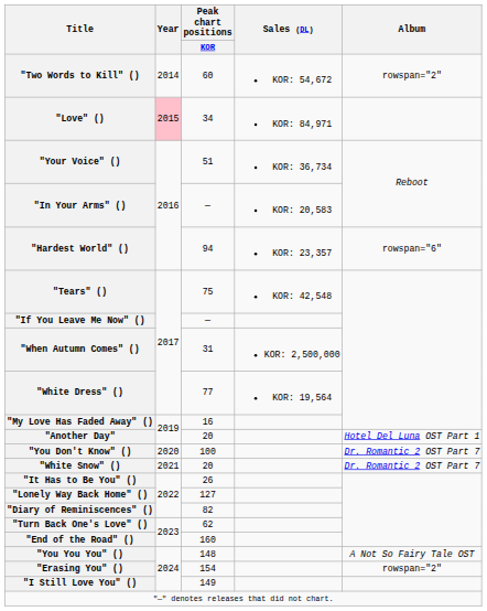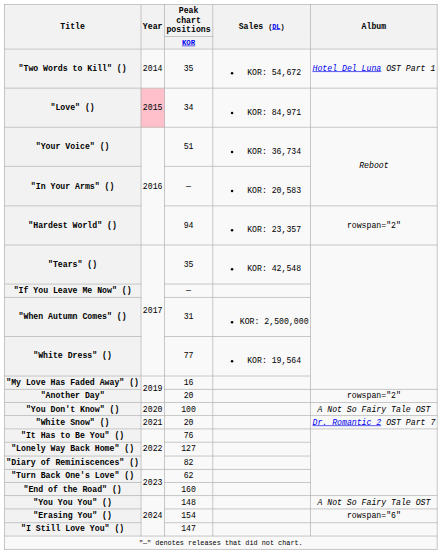 <table class="wikitable plainrowheaders" style="text-align:center;">
 <tr>
 <th scope="col" rowspan="2">Title</th>
 <th scope="col" rowspan="2">Year</th>
 <th scope="col" colspan="1">Peak chart <br> positions</th>
 <th scope="col" rowspan="2">Sales <small>(<a href='#'>DL</a>)</small></th>
 <th scope="col" rowspan="2">Album</th>
 </tr>
 <tr>
 <th scope="col" style="width:3.5em;font-size:90%;"><a href='#'>KOR</a><br></th>
 </tr>
 <tr>
 <th scope="row">"Two Words to Kill" ()</th>
 <td>2014</td>
-<td>60</td>
+<td>35</td>
 <td><br><ul><li>KOR: 54,672</li></ul></td>
-<td>rowspan="2" </td>
+<td><em><a href='#'>Hotel Del Luna</a> OST Part 1</em></td>
 </tr>
 <tr>
 <th scope="row">"Love" ()</th>
 <td style="background: pink;">2015</td>
 <td>34</td>
 <td><br><ul><li>KOR: 84,971</li></ul></td>
 </tr>
 <tr>
 <th scope="row">"Your Voice" ()</th>
 <td rowspan="3">2016</td>
 <td>51</td>
 <td><br><ul><li>KOR: 36,734</li></ul></td>
 <td rowspan="2"><em>Reboot</em></td>
 </tr>
 <tr>
 <th scope="row">"In Your Arms" ()</th>
 <td>—</td>
 <td><br><ul><li>KOR: 20,583</li></ul></td>
 </tr>
 <tr>
 <th scope="row">"Hardest World" ()</th>
 <td>94</td>
 <td><br><ul><li>KOR: 23,357</li></ul></td>
-<td>rowspan="6" </td>
+<td>rowspan="2" </td>
 </tr>
 <tr>
 <th scope="row">"Tears" ()<br></th>
 <td rowspan="4">2017</td>
-<td>75</td>
+<td>35</td>
 <td><br><ul><li>KOR: 42,548</li></ul></td>
 </tr>
 <tr>
 <th scope="row">"If You Leave Me Now" ()</th>
 <td>—</td>
 <td></td>
 </tr>
 <tr>
 <th scope="row">"When Autumn Comes" ()</th>
 <td>31</td>
 <td><br><ul><li>KOR: 2,500,000</li></ul></td>
 </tr>
 <tr>
 <th scope="row">"White Dress" ()<br></th>
 <td>77</td>
 <td><br><ul><li>KOR: 19,564</li></ul></td>
 </tr>
 <tr>
 <th scope="row">"My Love Has Faded Away" ()</th>
 <td rowspan="2">2019</td>
 <td>16</td>
 <td></td>
 </tr>
 <tr>
 <th scope="row">"Another Day"<br></th>
 <td>20</td>
 <td></td>
-<td><em><a href='#'>Hotel Del Luna</a> OST Part 1</em></td>
+<td>rowspan="2" </td>
 </tr>
 <tr>
 <th scope="row">"You Don't Know" ()</th>
 <td>2020</td>
 <td>100</td>
 <td></td>
-<td><em><a href='#'>Dr. Romantic 2</a> OST Part 7</em></td>
+<td><em>A Not So Fairy Tale OST</em></td>
 </tr>
 <tr>
 <th scope="row">"White Snow" ()</th>
 <td>2021</td>
 <td>20</td>
 <td></td>
 <td><em><a href='#'>Dr. Romantic 2</a> OST Part 7</em></td>
 </tr>
 <tr>
 <th scope="row">"It Has to Be You" ()</th>
 <td rowspan="3">2022</td>
-<td>26</td>
+<td>76</td>
 <td></td>
 </tr>
 <tr>
 <th scope="row">"Lonely Way Back Home" ()</th>
 <td>127</td>
 <td></td>
 </tr>
 <tr>
 <th scope="row">"Diary of Reminiscences" ()</th>
 <td>82</td>
 <td></td>
 </tr>
 <tr>
 <th scope="row">"Turn Back One's Love" ()</th>
 <td rowspan="2">2023</td>
 <td>62</td>
 <td></td>
 </tr>
 <tr>
 <th scope="row">"End of the Road" ()<br></th>
 <td>160</td>
 <td></td>
 </tr>
 <tr>
 <th scope="row">"You You You" ()</th>
 <td rowspan="3">2024</td>
 <td>148</td>
 <td></td>
 <td><em>A Not So Fairy Tale OST</em></td>
 </tr>
 <tr>
 <th scope="row">"Erasing You" ()</th>
 <td>154</td>
 <td></td>
-<td>rowspan="2" </td>
+<td>rowspan="6" </td>
 </tr>
 <tr>
 <th scope="row">"I Still Love You" ()<br></th>
-<td>149</td>
+<td>147</td>
 <td></td>
 </tr>
 <tr>
 <td colspan="6" align="center"><small>"—" denotes releases that did not chart.</small></td>
 </tr>
 </table>
